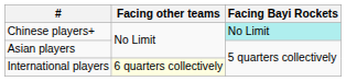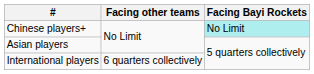 <table class="wikitable">
 <tr>
 <th>#</th>
 <th>Facing other teams</th>
 <th>Facing Bayi Rockets</th>
 </tr>
 <tr>
 <td>Chinese players+</td>
 <td rowspan=2>No Limit</td>
 <td style="background: paleturquoise;">No Limit</td>
 </tr>
 <tr>
 <td>Asian players</td>
 <td rowspan=2>5 quarters collectively</td>
 </tr>
 <tr>
 <td>International players</td>
-<td style="background: lightyellow;">6 quarters collectively</td>
+<td>6 quarters collectively</td>
 </tr>
 </table>
